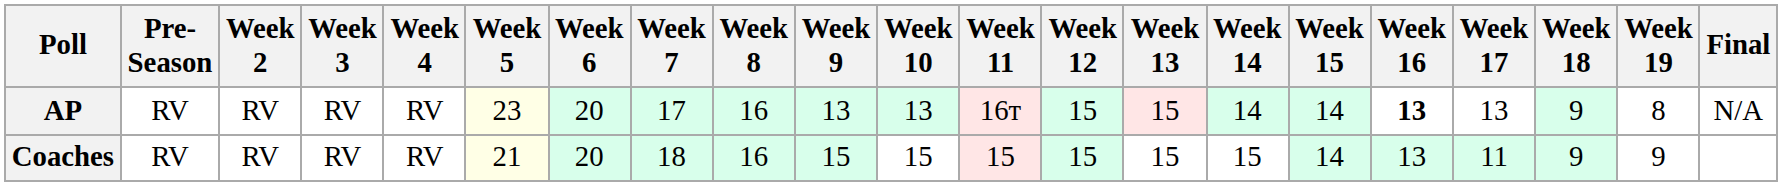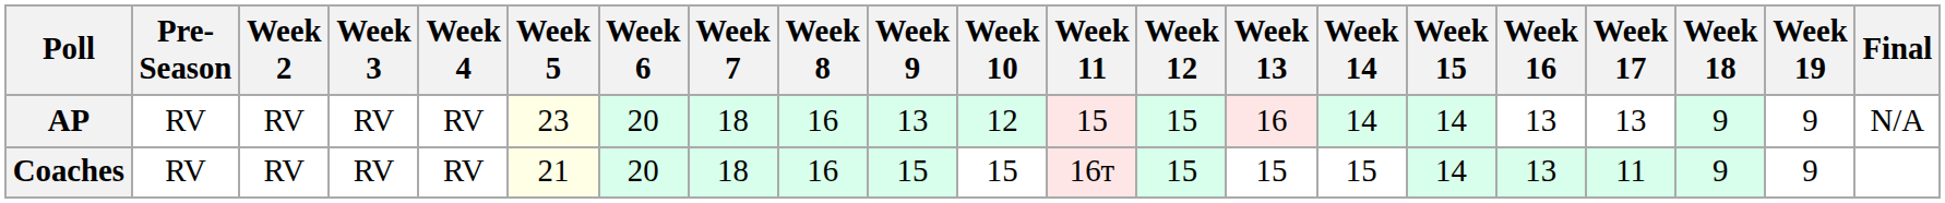 <table class="wikitable" style="white-space:nowrap;font-size:90%">
 <tr>
 <th>Poll</th>
 <th>Pre-<br>Season</th>
 <th>Week<br>2</th>
 <th>Week<br>3</th>
 <th>Week<br>4</th>
 <th>Week<br>5</th>
 <th>Week<br>6</th>
 <th>Week<br>7</th>
 <th>Week<br>8</th>
 <th>Week<br>9</th>
 <th>Week<br>10</th>
 <th>Week<br>11</th>
 <th>Week<br>12</th>
 <th>Week<br>13</th>
 <th>Week<br>14</th>
 <th>Week<br>15</th>
 <th>Week<br>16</th>
 <th>Week<br>17</th>
 <th>Week<br>18</th>
 <th>Week<br>19</th>
 <th>Final</th>
 </tr>
 <tr style="text-align:center;">
 <th>AP</th>
 <td style="background:#FFFFFF;">RV</td>
 <td style="background:#FFFFFF;">RV</td>
 <td style="background:#FFFFFF;">RV</td>
 <td style="background:#FFFFFF;">RV</td>
 <td style="background:#FFFFE6;">23</td>
 <td style="background:#D8FFEB;">20</td>
-<td style="background:#D8FFEB;">17</td>
+<td style="background:#D8FFEB;">18</td>
 <td style="background:#D8FFEB;">16</td>
 <td style="background:#D8FFEB;">13</td>
-<td style="background:#D8FFEB;">13</td>
-<td style="background:#FFE6E6;">16т</td>
+<td style="background:#D8FFEB;">12</td>
+<td style="background:#FFE6E6;">15</td>
 <td style="background:#D8FFEB;">15</td>
-<td style="background:#FFE6E6;">15</td>
+<td style="background:#FFE6E6;">16</td>
 <td style="background:#D8FFEB;">14</td>
 <td style="background:#D8FFEB;">14</td>
-<td style="background:#FFFFFF;"><strong>13</strong></td>
+<td style="background:#FFFFFF;">13</td>
 <td style="background:#FFFFFF;">13</td>
 <td style="background:#D8FFEB;">9</td>
-<td style="background:#FFFFFF;">8</td>
+<td style="background:#FFFFFF;">9</td>
 <td style="background:#FFFFFF;">N/A</td>
 </tr>
 <tr style="text-align:center;">
 <th>Coaches</th>
 <td style="background:#FFFFFF;">RV</td>
 <td style="background:#FFFFFF;">RV</td>
 <td style="background:#FFFFFF;">RV</td>
 <td style="background:#FFFFFF;">RV</td>
 <td style="background:#FFFFE6;">21</td>
 <td style="background:#D8FFEB;">20</td>
 <td style="background:#D8FFEB;">18</td>
 <td style="background:#D8FFEB;">16</td>
 <td style="background:#D8FFEB;">15</td>
 <td style="background:#FFFFFF;">15</td>
-<td style="background:#FFE6E6;">15</td>
+<td style="background:#FFE6E6;">16т</td>
 <td style="background:#D8FFEB;">15</td>
 <td style="background:#FFFFFF;">15</td>
 <td style="background:#FFFFFF;">15</td>
 <td style="background:#D8FFEB;">14</td>
 <td style="background:#D8FFEB;">13</td>
 <td style="background:#D8FFEB;">11</td>
 <td style="background:#D8FFEB;">9</td>
 <td style="background:#FFFFFF;">9</td>
 <td style="background:#FFFFFF;"></td>
 </tr>
 </table>
